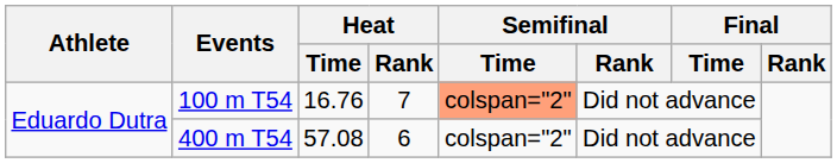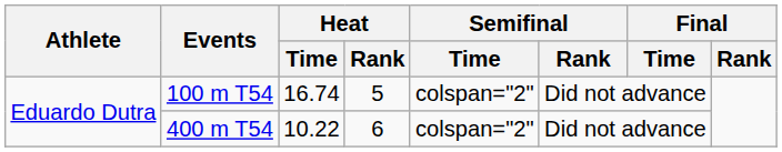 <table class=wikitable style="font-size:90%">
 <tr>
 <th rowspan="2">Athlete</th>
 <th rowspan="2">Events</th>
 <th colspan="2">Heat</th>
 <th colspan="2">Semifinal</th>
 <th colspan="2">Final</th>
 </tr>
 <tr>
 <th>Time</th>
 <th>Rank</th>
 <th>Time</th>
 <th>Rank</th>
 <th>Time</th>
 <th>Rank</th>
 </tr>
 <tr align=center>
 <td align=left rowspan=2><a href='#'>Eduardo Dutra</a></td>
 <td align=left><a href='#'>100 m T54</a></td>
-<td>16.76</td>
-<td>7</td>
-<td style="background: lightsalmon;">colspan="2" </td>
+<td>16.74</td>
+<td>5</td>
+<td>colspan="2" </td>
 <td colspan=2>Did not advance</td>
 </tr>
 <tr align=center>
 <td align=left><a href='#'>400 m T54</a></td>
-<td>57.08</td>
+<td>10.22</td>
 <td>6</td>
 <td>colspan="2" </td>
 <td colspan=2>Did not advance</td>
 </tr>
 </table>
